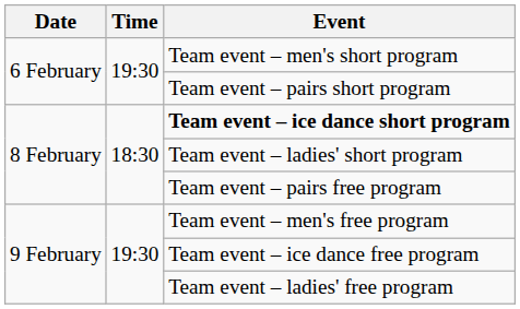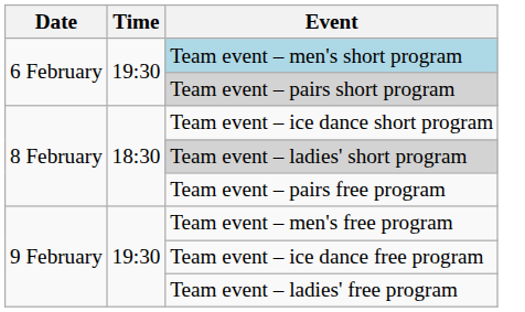 <table class=wikitable>
 <tr>
 <th>Date</th>
 <th>Time</th>
 <th>Event</th>
 </tr>
 <tr>
 <td rowspan=2>6 February</td>
 <td rowspan=2>19:30</td>
-<td>Team event – men's short program</td>
+<td style="background: lightblue;">Team event – men's short program</td>
 </tr>
 <tr>
-<td>Team event – pairs short program</td>
+<td style="background: lightgrey;">Team event – pairs short program</td>
 </tr>
 <tr>
 <td rowspan=3>8 February</td>
 <td rowspan=3>18:30</td>
-<td><strong>Team event – ice dance short program</strong></td>
+<td>Team event – ice dance short program</td>
 </tr>
 <tr>
-<td>Team event – ladies' short program</td>
+<td style="background: lightgrey;">Team event – ladies' short program</td>
 </tr>
 <tr>
 <td>Team event – pairs free program</td>
 </tr>
 <tr>
 <td rowspan=3>9 February</td>
 <td rowspan=3>19:30</td>
 <td>Team event – men's free program</td>
 </tr>
 <tr>
 <td>Team event – ice dance free program</td>
 </tr>
 <tr>
 <td>Team event – ladies' free program</td>
 </tr>
 </table>
